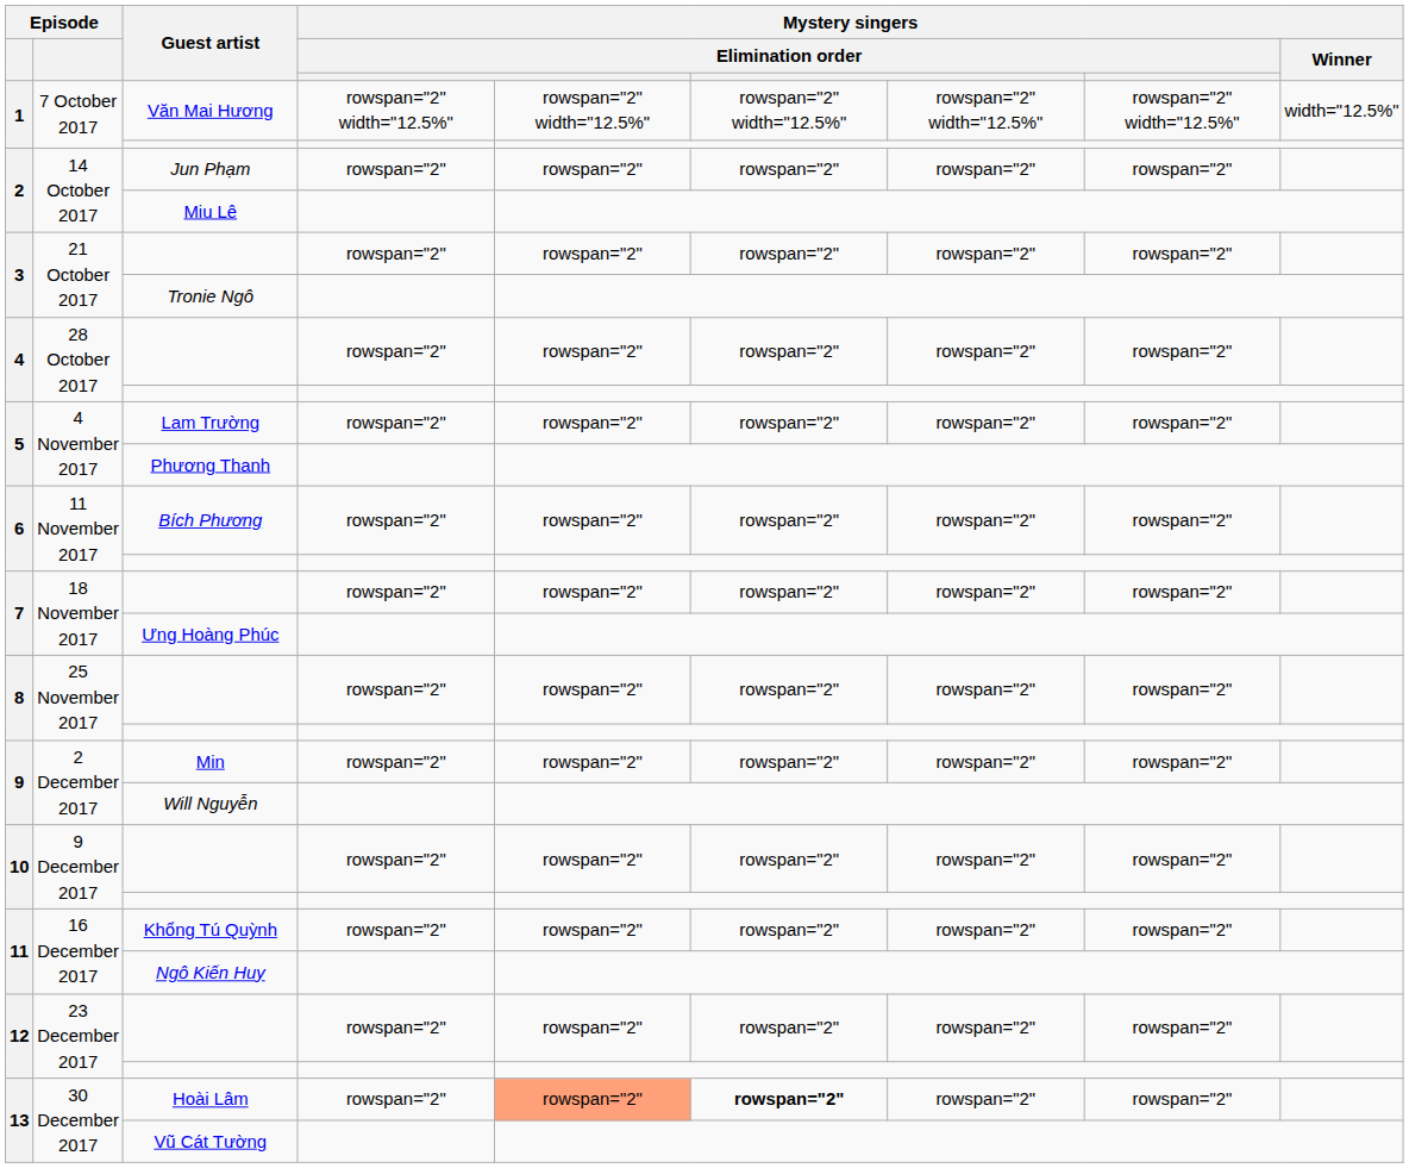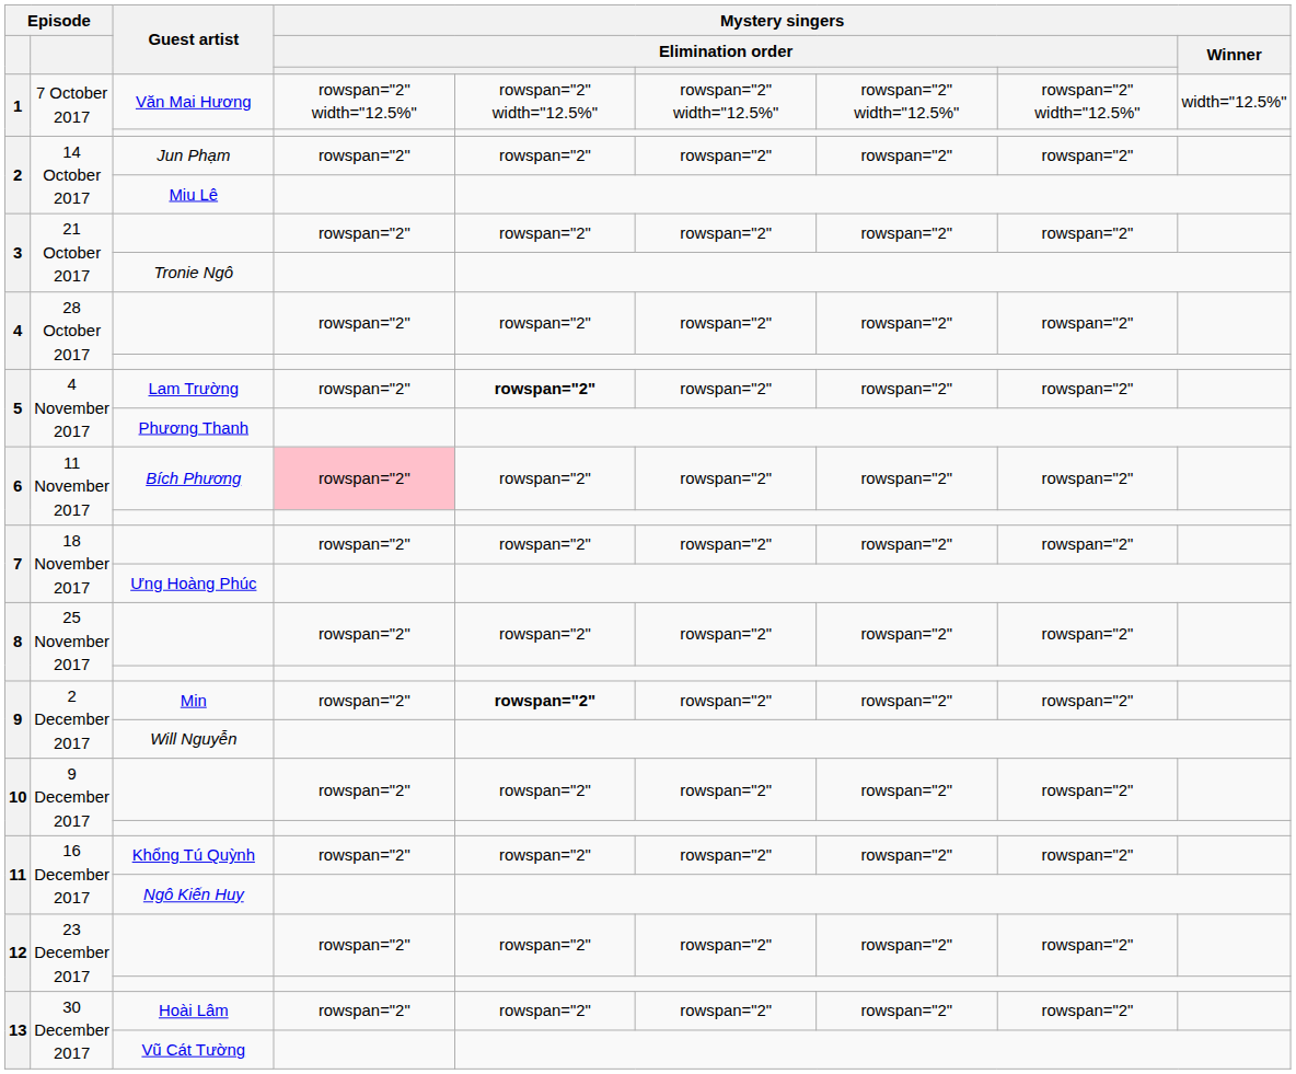 <table class="wikitable plainrowheaders mw-collapsible" style="text-align:center; line-height:23px; width:100%;">
 <tr>
 <th colspan="2" width="1%">Episode</th>
 <th rowspan="3" width="12.5%">Guest artist</th>
 <th colspan="6">Mystery singers<br></th>
 </tr>
 <tr>
 <th rowspan="2"></th>
 <th rowspan="2"></th>
 <th colspan="5">Elimination order</th>
 <th rowspan="2">Winner</th>
 </tr>
 <tr>
 <th colspan="2"></th>
 <th colspan="2"></th>
 <th></th>
 </tr>
 <tr>
 <th rowspan="2">1</th>
 <td rowspan="2">7 October 2017</td>
 <td><a href='#'>Văn Mai Hương</a></td>
 <td>rowspan="2" width="12.5%" </td>
 <td>rowspan="2" width="12.5%" </td>
 <td>rowspan="2" width="12.5%" </td>
 <td>rowspan="2" width="12.5%" </td>
 <td>rowspan="2" width="12.5%" </td>
 <td>width="12.5%" </td>
 </tr>
 <tr>
 <td></td>
 <td></td>
 </tr>
 <tr>
 <th rowspan="2">2</th>
 <td rowspan="2">14 October 2017</td>
 <td><em>Jun Phạm<br></em></td>
 <td>rowspan="2" </td>
 <td>rowspan="2" </td>
 <td>rowspan="2" </td>
 <td>rowspan="2" </td>
 <td>rowspan="2" </td>
 <td></td>
 </tr>
 <tr>
 <td><a href='#'>Miu Lê</a></td>
 <td></td>
 </tr>
 <tr>
 <th rowspan="2">3</th>
 <td rowspan="2">21 October 2017</td>
 <td></td>
 <td>rowspan="2" </td>
 <td>rowspan="2" </td>
 <td>rowspan="2" </td>
 <td>rowspan="2" </td>
 <td>rowspan="2" </td>
 <td></td>
 </tr>
 <tr>
 <td><em>Tronie Ngô<br></em></td>
 <td></td>
 </tr>
 <tr>
 <th rowspan="2">4</th>
 <td rowspan="2">28 October 2017</td>
 <td></td>
 <td>rowspan="2" </td>
 <td>rowspan="2" </td>
 <td>rowspan="2" </td>
 <td>rowspan="2" </td>
 <td>rowspan="2" </td>
 <td></td>
 </tr>
 <tr>
 <td></td>
 <td></td>
 </tr>
 <tr>
 <th rowspan="2">5</th>
 <td rowspan="2">4 November 2017</td>
 <td><a href='#'>Lam Trường</a></td>
 <td>rowspan="2" </td>
-<td>rowspan="2" </td>
+<td><strong>rowspan="2" </strong></td>
 <td>rowspan="2" </td>
 <td>rowspan="2" </td>
 <td>rowspan="2" </td>
 <td></td>
 </tr>
 <tr>
 <td><a href='#'>Phương Thanh</a></td>
 <td></td>
 </tr>
 <tr>
 <th rowspan="2">6</th>
 <td rowspan="2">11 November 2017</td>
 <td><em><a href='#'>Bích Phương</a></em></td>
-<td>rowspan="2" </td>
+<td style="background: pink;">rowspan="2" </td>
 <td>rowspan="2" </td>
 <td>rowspan="2" </td>
 <td>rowspan="2" </td>
 <td>rowspan="2" </td>
 <td></td>
 </tr>
 <tr>
 <td></td>
 <td></td>
 </tr>
 <tr>
 <th rowspan="2">7</th>
 <td rowspan="2">18 November 2017</td>
 <td></td>
 <td>rowspan="2" </td>
 <td>rowspan="2" </td>
 <td>rowspan="2" </td>
 <td>rowspan="2" </td>
 <td>rowspan="2" </td>
 <td></td>
 </tr>
 <tr>
 <td><a href='#'>Ưng Hoàng Phúc</a></td>
 <td></td>
 </tr>
 <tr>
 <th rowspan="2">8</th>
 <td rowspan="2">25 November 2017</td>
 <td><em></em></td>
 <td>rowspan="2" </td>
 <td>rowspan="2" </td>
 <td>rowspan="2" </td>
 <td>rowspan="2" </td>
 <td>rowspan="2" </td>
 <td></td>
 </tr>
 <tr>
 <td></td>
 <td></td>
 </tr>
 <tr>
 <th rowspan="2">9</th>
 <td rowspan="2">2 December 2017</td>
 <td><a href='#'>Min</a></td>
 <td>rowspan="2" </td>
-<td>rowspan="2" </td>
+<td><strong>rowspan="2" </strong></td>
 <td>rowspan="2" </td>
 <td>rowspan="2" </td>
 <td>rowspan="2" </td>
 <td></td>
 </tr>
 <tr>
 <td><em>Will Nguyễn<br></em></td>
 <td></td>
 </tr>
 <tr>
 <th rowspan="2">10</th>
 <td rowspan="2">9 December 2017</td>
 <td></td>
 <td>rowspan="2" </td>
 <td>rowspan="2" </td>
 <td>rowspan="2" </td>
 <td>rowspan="2" </td>
 <td>rowspan="2" </td>
 <td></td>
 </tr>
 <tr>
 <td></td>
 <td></td>
 </tr>
 <tr>
 <th rowspan="2">11</th>
 <td rowspan="2">16 December 2017</td>
 <td><a href='#'>Khổng Tú Quỳnh</a></td>
 <td>rowspan="2" </td>
 <td>rowspan="2" </td>
 <td>rowspan="2" </td>
 <td>rowspan="2" </td>
 <td>rowspan="2" </td>
 <td></td>
 </tr>
 <tr>
 <td><em><a href='#'>Ngô Kiến Huy</a></em></td>
 <td></td>
 </tr>
 <tr>
 <th rowspan="2">12</th>
 <td rowspan="2">23 December 2017</td>
 <td></td>
 <td>rowspan="2" </td>
 <td>rowspan="2" </td>
 <td>rowspan="2" </td>
 <td>rowspan="2" </td>
 <td>rowspan="2" </td>
 <td></td>
 </tr>
 <tr>
 <td></td>
 <td></td>
 </tr>
 <tr>
 <th rowspan="2">13</th>
 <td rowspan="2">30 December 2017</td>
 <td><a href='#'>Hoài Lâm</a></td>
 <td>rowspan="2" </td>
-<td style="background: lightsalmon;">rowspan="2" </td>
-<td><strong>rowspan="2" </strong></td>
+<td>rowspan="2" </td>
+<td>rowspan="2" </td>
 <td>rowspan="2" </td>
 <td>rowspan="2" </td>
 <td></td>
 </tr>
 <tr>
 <td><a href='#'>Vũ Cát Tường</a></td>
 <td></td>
 </tr>
 </table>
